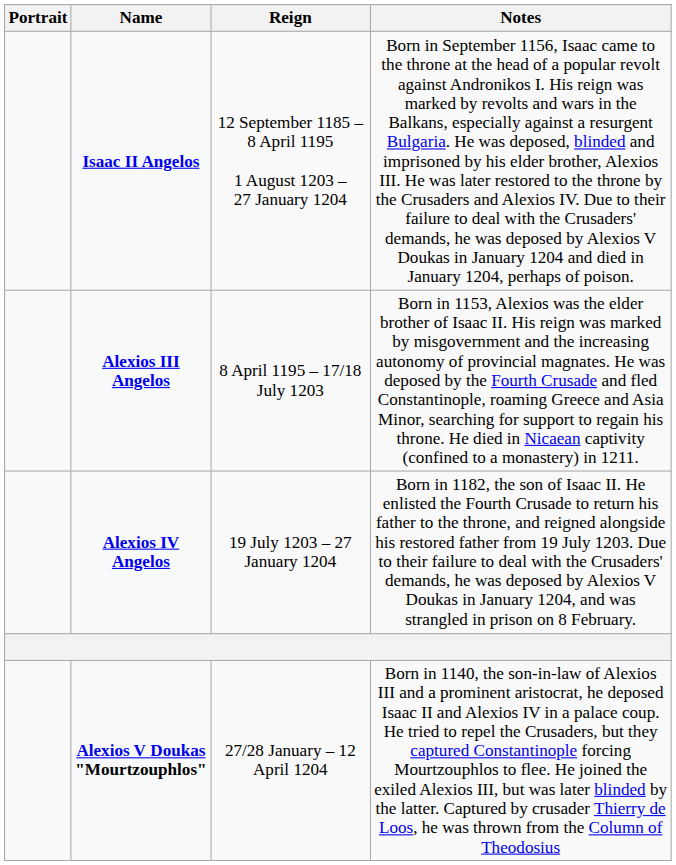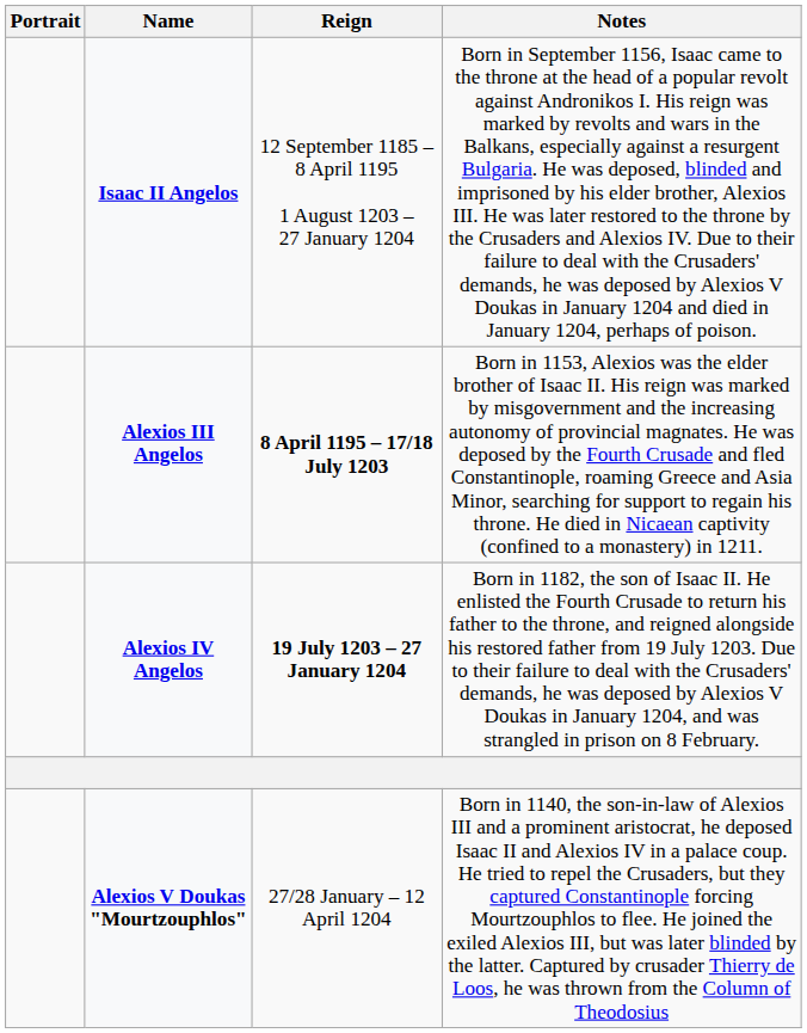 <table class="wikitable plainrowheaders" style="width:100%; text-align:center">
 <tr>
 <th scope=col width="7%">Portrait</th>
 <th scope=col width="17%">Name</th>
 <th scope=col width="26%">Reign</th>
 <th scope=col width="50%">Notes</th>
 </tr>
 <tr>
 <td></td>
 <th scope=row style="text-align:center; background:#F8F9FA"><a href='#'><strong>Isaac II</strong> Angelos</a><br></th>
 <td>12 September 1185 – 8 April 1195<br><br>1 August 1203 –<br>27 January 1204<br></td>
 <td>Born in September 1156, Isaac came to the throne at the head of a popular revolt against Andronikos I. His reign was marked by revolts and wars in the Balkans, especially against a resurgent <a href='#'>Bulgaria</a>. He was deposed, <a href='#'>blinded</a> and imprisoned by his elder brother, Alexios III. He was later restored to the throne by the Crusaders and Alexios IV. Due to their failure to deal with the Crusaders' demands, he was deposed by Alexios V Doukas in January 1204 and died in January 1204, perhaps of poison.</td>
 </tr>
 <tr>
 <td></td>
 <th scope=row style="text-align:center; background:#F8F9FA"><a href='#'><strong>Alexios III</strong> Angelos</a><br>  </th>
-<td>8 April 1195 – 17/18 July 1203<br></td>
+<td><strong>8 April 1195 – 17/18 July 1203<br></strong></td>
 <td>Born in 1153, Alexios was the elder brother of Isaac II. His reign was marked by misgovernment and the increasing autonomy of provincial magnates. He was deposed by the <a href='#'>Fourth Crusade</a> and fled Constantinople, roaming Greece and Asia Minor, searching for support to regain his throne. He died in <a href='#'>Nicaean</a> captivity (confined to a monastery) in 1211.</td>
 </tr>
 <tr>
 <td></td>
 <th scope=row style="text-align:center; background:#F8F9FA"><a href='#'><strong>Alexios IV</strong> Angelos</a><br></th>
-<td>19 July 1203 – 27 January 1204<br></td>
+<td><strong>19 July 1203 – 27 January 1204<br></strong></td>
 <td>Born in 1182, the son of Isaac II. He enlisted the Fourth Crusade to return his father to the throne, and reigned alongside his restored father from 19 July 1203. Due to their failure to deal with the Crusaders' demands, he was deposed by Alexios V Doukas in January 1204, and was strangled in prison on 8 February.</td>
 </tr>
 <tr>
 <th colspan=4> </th>
 </tr>
 <tr>
 <td></td>
 <th scope=row style="text-align:center; background:#F8F9FA"><a href='#'><strong>Alexios V</strong> Doukas</a> "Mourtzouphlos"<br></th>
 <td>27/28 January – 12 April 1204<br></td>
 <td>Born in 1140, the son-in-law of Alexios III and a prominent aristocrat, he deposed Isaac II and Alexios IV in a palace coup. He tried to repel the Crusaders, but they <a href='#'>captured Constantinople</a> forcing Mourtzouphlos to flee. He joined the exiled Alexios III, but was later <a href='#'>blinded</a> by the latter. Captured by crusader <a href='#'>Thierry de Loos</a>, he was thrown from the <a href='#'>Column of Theodosius</a></td>
 </tr>
 </table>
